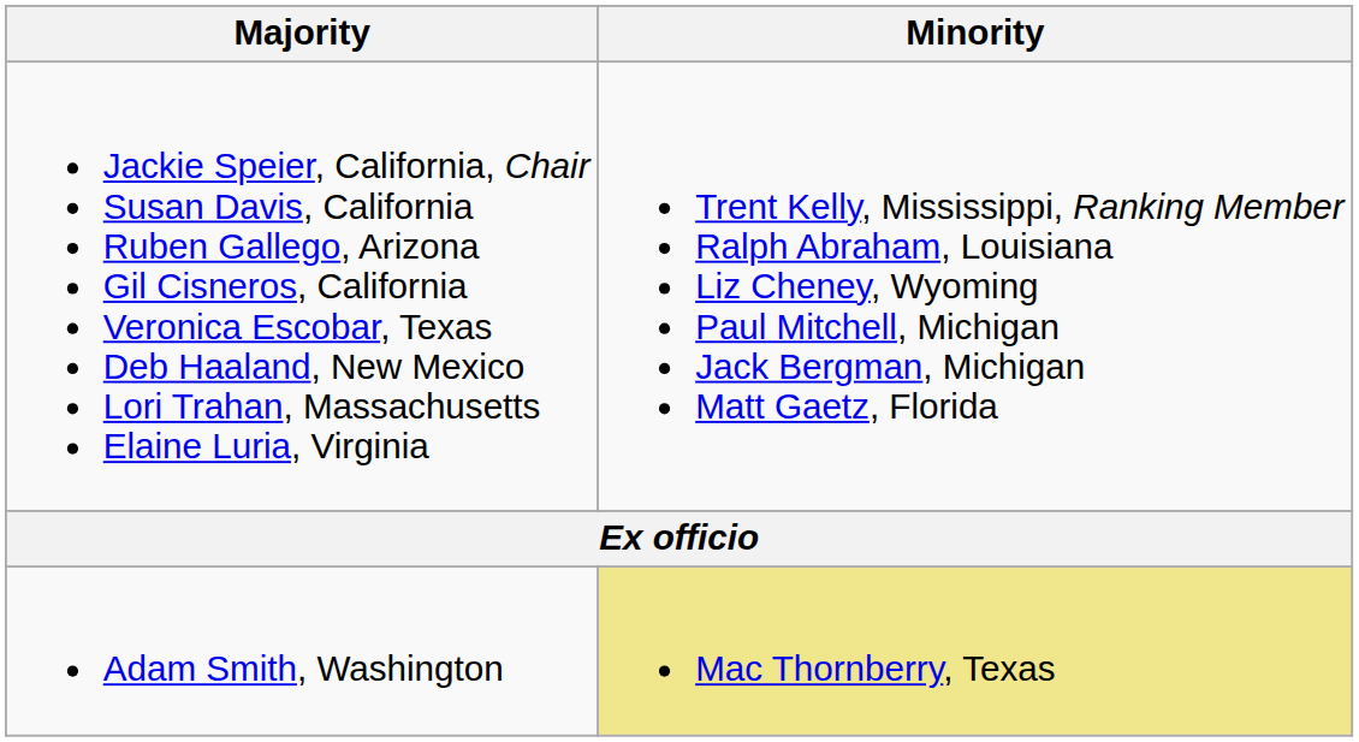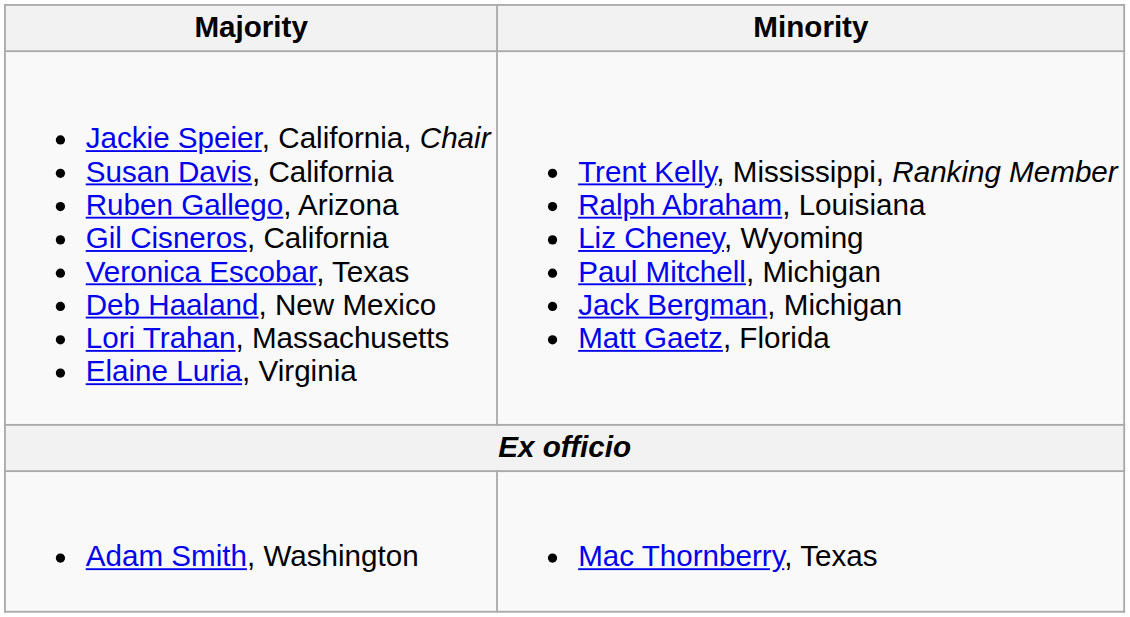 <table class=wikitable>
 <tr>
 <th>Majority</th>
 <th>Minority</th>
 </tr>
 <tr>
 <td><br><ul><li><a href='#'>Jackie Speier</a>, California, <em>Chair</em></li><li><a href='#'>Susan Davis</a>, California</li><li><a href='#'>Ruben Gallego</a>, Arizona</li><li><a href='#'>Gil Cisneros</a>, California</li><li><a href='#'>Veronica Escobar</a>, Texas</li><li><a href='#'>Deb Haaland</a>, New Mexico</li><li><a href='#'>Lori Trahan</a>, Massachusetts</li><li><a href='#'>Elaine Luria</a>, Virginia</li></ul></td>
 <td><br><ul><li><a href='#'>Trent Kelly</a>, Mississippi, <em>Ranking Member</em></li><li><a href='#'>Ralph Abraham</a>, Louisiana</li><li><a href='#'>Liz Cheney</a>, Wyoming</li><li><a href='#'>Paul Mitchell</a>, Michigan</li><li><a href='#'>Jack Bergman</a>, Michigan</li><li><a href='#'>Matt Gaetz</a>, Florida</li></ul></td>
 </tr>
 <tr>
 <th colspan=2><em>Ex officio</em></th>
 </tr>
 <tr>
 <td><br><ul><li><a href='#'>Adam Smith</a>, Washington</li></ul></td>
-<td style="background: khaki;"><br><ul><li><a href='#'>Mac Thornberry</a>, Texas</li></ul></td>
+<td><br><ul><li><a href='#'>Mac Thornberry</a>, Texas</li></ul></td>
 </tr>
 </table>
